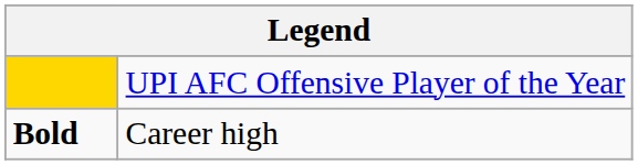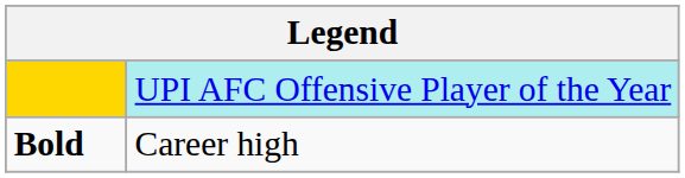 <table class="wikitable">
 <tr>
 <th colspan="2">Legend</th>
 </tr>
 <tr>
 <td style="background:#ffd700; width:3em;"></td>
-<td><a href='#'>UPI AFC Offensive Player of the Year</a></td>
+<td style="background: paleturquoise;"><a href='#'>UPI AFC Offensive Player of the Year</a></td>
 </tr>
 <tr>
 <td><strong>Bold</strong></td>
 <td>Career high</td>
 </tr>
 </table>
